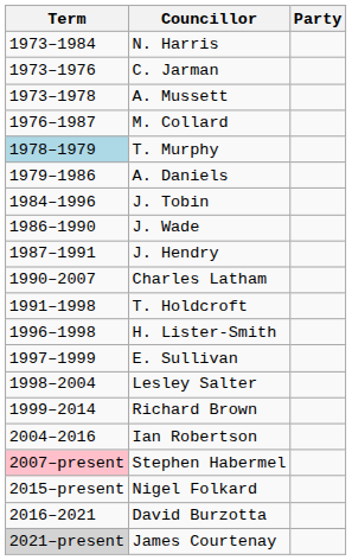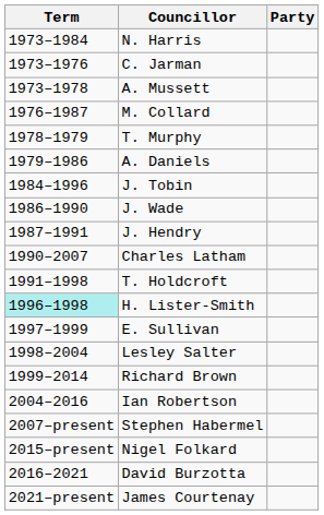 <table class="wikitable">
 <tr>
 <th>Term</th>
 <th>Councillor</th>
 <th colspan=2>Party</th>
 </tr>
 <tr>
 <td>1973–1984</td>
 <td>N. Harris</td>
 <td></td>
 </tr>
 <tr>
 <td>1973–1976</td>
 <td>C. Jarman</td>
 <td></td>
 </tr>
 <tr>
 <td>1973–1978</td>
 <td>A. Mussett</td>
 <td></td>
 </tr>
 <tr>
 <td>1976–1987</td>
 <td>M. Collard</td>
 <td></td>
 </tr>
 <tr>
-<td style="background: lightblue;">1978–1979</td>
+<td>1978–1979</td>
 <td>T. Murphy</td>
 <td></td>
 </tr>
 <tr>
 <td>1979–1986</td>
 <td>A. Daniels</td>
 <td></td>
 </tr>
 <tr>
 <td>1984–1996</td>
 <td>J. Tobin</td>
 <td></td>
 </tr>
 <tr>
 <td>1986–1990</td>
 <td>J. Wade</td>
 <td></td>
 </tr>
 <tr>
 <td>1987–1991</td>
 <td>J. Hendry</td>
 <td></td>
 </tr>
 <tr>
 <td>1990–2007</td>
 <td>Charles Latham</td>
 <td></td>
 </tr>
 <tr>
 <td>1991–1998</td>
 <td>T. Holdcroft</td>
 <td></td>
 </tr>
 <tr>
-<td>1996–1998</td>
+<td style="background: paleturquoise;">1996–1998</td>
 <td>H. Lister-Smith</td>
 <td></td>
 </tr>
 <tr>
 <td>1997–1999</td>
 <td>E. Sullivan</td>
 <td></td>
 </tr>
 <tr>
 <td>1998–2004</td>
 <td>Lesley Salter</td>
 <td></td>
 </tr>
 <tr>
 <td>1999–2014</td>
 <td>Richard Brown</td>
 <td></td>
 </tr>
 <tr>
 <td>2004–2016</td>
 <td>Ian Robertson</td>
 <td></td>
 </tr>
 <tr>
-<td style="background: pink;">2007–present</td>
+<td>2007–present</td>
 <td>Stephen Habermel</td>
 <td></td>
 </tr>
 <tr>
 <td>2015–present</td>
 <td>Nigel Folkard</td>
 <td></td>
 </tr>
 <tr>
 <td>2016–2021</td>
 <td>David Burzotta</td>
 <td></td>
 </tr>
 <tr>
-<td style="background: lightgrey;">2021–present</td>
+<td>2021–present</td>
 <td>James Courtenay</td>
 <td></td>
 </tr>
 </table>
